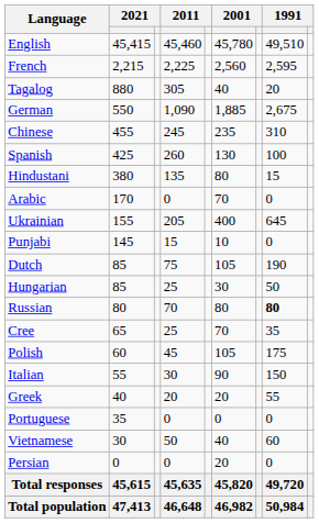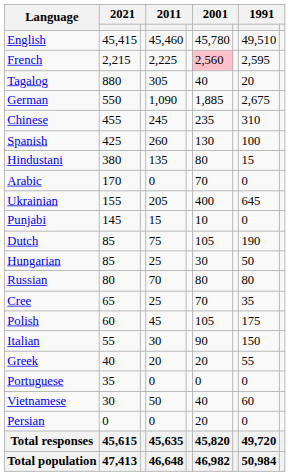 <table class="wikitable collapsible sortable">
 <tr>
 <th rowspan="2">Language</th>
 <th colspan="2">2021</th>
 <th colspan="2">2011</th>
 <th colspan="2">2001</th>
 <th colspan="2">1991</th>
 </tr>
 <tr>
 <th><a href='#'></a></th>
 <th></th>
 <th></th>
 <th></th>
 <th></th>
 <th></th>
 <th></th>
 <th></th>
 </tr>
 <tr>
 <td><a href='#'>English</a></td>
 <td>45,415</td>
 <td></td>
 <td>45,460</td>
 <td></td>
 <td>45,780</td>
 <td></td>
 <td>49,510</td>
 <td></td>
 </tr>
 <tr>
 <td><a href='#'>French</a></td>
 <td>2,215</td>
 <td></td>
 <td>2,225</td>
 <td></td>
-<td>2,560</td>
+<td style="background: pink;">2,560</td>
 <td></td>
 <td>2,595</td>
 <td></td>
 </tr>
 <tr>
 <td><a href='#'>Tagalog</a></td>
 <td>880</td>
 <td></td>
 <td>305</td>
 <td></td>
 <td>40</td>
 <td></td>
 <td>20</td>
 <td></td>
 </tr>
 <tr>
 <td><a href='#'>German</a></td>
 <td>550</td>
 <td></td>
 <td>1,090</td>
 <td></td>
 <td>1,885</td>
 <td></td>
 <td>2,675</td>
 <td></td>
 </tr>
 <tr>
 <td><a href='#'>Chinese</a></td>
 <td>455</td>
 <td></td>
 <td>245</td>
 <td></td>
 <td>235</td>
 <td></td>
 <td>310</td>
 <td></td>
 </tr>
 <tr>
 <td><a href='#'>Spanish</a></td>
 <td>425</td>
 <td></td>
 <td>260</td>
 <td></td>
 <td>130</td>
 <td></td>
 <td>100</td>
 <td></td>
 </tr>
 <tr>
 <td><a href='#'>Hindustani</a></td>
 <td>380</td>
 <td></td>
 <td>135</td>
 <td></td>
 <td>80</td>
 <td></td>
 <td>15</td>
 <td></td>
 </tr>
 <tr>
 <td><a href='#'>Arabic</a></td>
 <td>170</td>
 <td></td>
 <td>0</td>
 <td></td>
 <td>70</td>
 <td></td>
 <td>0</td>
 <td></td>
 </tr>
 <tr>
 <td><a href='#'>Ukrainian</a></td>
 <td>155</td>
 <td></td>
 <td>205</td>
 <td></td>
 <td>400</td>
 <td></td>
 <td>645</td>
 <td></td>
 </tr>
 <tr>
 <td><a href='#'>Punjabi</a></td>
 <td>145</td>
 <td></td>
 <td>15</td>
 <td></td>
 <td>10</td>
 <td></td>
 <td>0</td>
 <td></td>
 </tr>
 <tr>
 <td><a href='#'>Dutch</a></td>
 <td>85</td>
 <td></td>
 <td>75</td>
 <td></td>
 <td>105</td>
 <td></td>
 <td>190</td>
 <td></td>
 </tr>
 <tr>
 <td><a href='#'>Hungarian</a></td>
 <td>85</td>
 <td></td>
 <td>25</td>
 <td></td>
 <td>30</td>
 <td></td>
 <td>50</td>
 <td></td>
 </tr>
 <tr>
 <td><a href='#'>Russian</a></td>
 <td>80</td>
 <td></td>
 <td>70</td>
 <td></td>
 <td>80</td>
 <td></td>
-<td><strong>80</strong></td>
+<td>80</td>
 <td></td>
 </tr>
 <tr>
 <td><a href='#'>Cree</a></td>
 <td>65</td>
 <td></td>
 <td>25</td>
 <td></td>
 <td>70</td>
 <td></td>
 <td>35</td>
 <td></td>
 </tr>
 <tr>
 <td><a href='#'>Polish</a></td>
 <td>60</td>
 <td></td>
 <td>45</td>
 <td></td>
 <td>105</td>
 <td></td>
 <td>175</td>
 <td></td>
 </tr>
 <tr>
 <td><a href='#'>Italian</a></td>
 <td>55</td>
 <td></td>
 <td>30</td>
 <td></td>
 <td>90</td>
 <td></td>
 <td>150</td>
 <td></td>
 </tr>
 <tr>
 <td><a href='#'>Greek</a></td>
 <td>40</td>
 <td></td>
 <td>20</td>
 <td></td>
 <td>20</td>
 <td></td>
 <td>55</td>
 <td></td>
 </tr>
 <tr>
 <td><a href='#'>Portuguese</a></td>
 <td>35</td>
 <td></td>
 <td>0</td>
 <td></td>
 <td>0</td>
 <td></td>
 <td>0</td>
 <td></td>
 </tr>
 <tr>
 <td><a href='#'>Vietnamese</a></td>
 <td>30</td>
 <td></td>
 <td>50</td>
 <td></td>
 <td>40</td>
 <td></td>
 <td>60</td>
 <td></td>
 </tr>
 <tr>
 <td><a href='#'>Persian</a></td>
 <td>0</td>
 <td></td>
 <td>0</td>
 <td></td>
 <td>20</td>
 <td></td>
 <td>0</td>
 <td></td>
 </tr>
 <tr>
 <th>Total responses</th>
 <th>45,615</th>
 <th></th>
 <th>45,635</th>
 <th></th>
 <th>45,820</th>
 <th></th>
 <th>49,720</th>
 <th></th>
 </tr>
 <tr>
 <th>Total population</th>
 <th>47,413</th>
 <th></th>
 <th>46,648</th>
 <th></th>
 <th>46,982</th>
 <th></th>
 <th>50,984</th>
 <th></th>
 </tr>
 </table>
